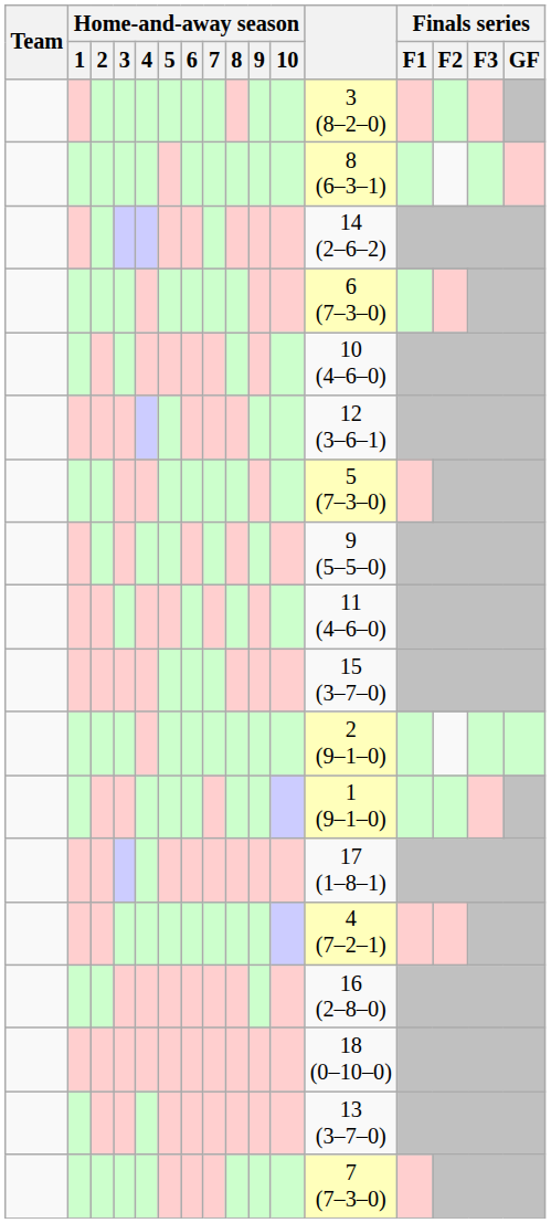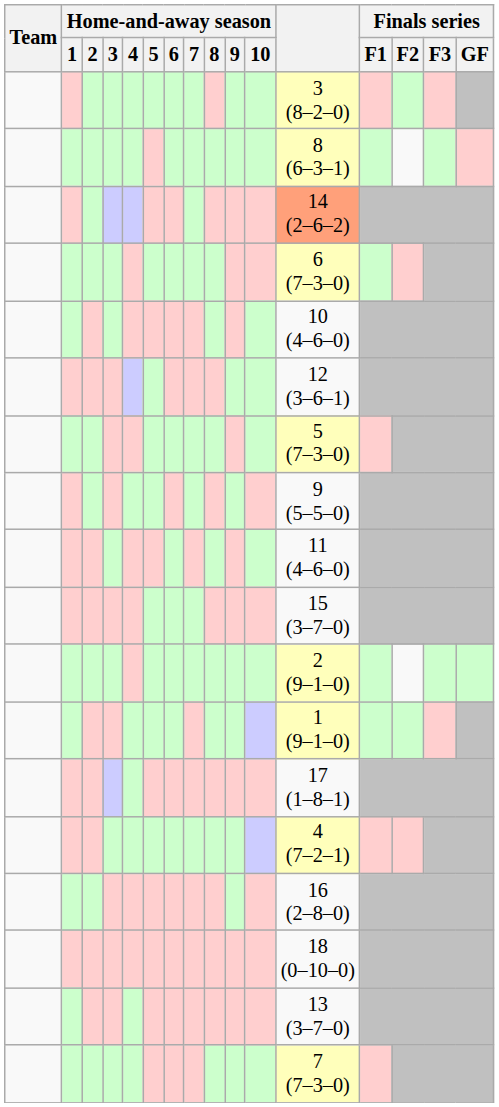 <table class="wikitable sortable" style="font-size:85%; text-align:center">
 <tr>
 <th rowspan=2>Team</th>
 <th colspan=10>Home-and-away season</th>
 <th rowspan=2></th>
 <th colspan=4>Finals series</th>
 </tr>
 <tr>
 <th>1</th>
 <th>2</th>
 <th>3</th>
 <th>4</th>
 <th>5</th>
 <th>6</th>
 <th>7</th>
 <th>8</th>
 <th>9</th>
 <th>10</th>
 <th>F1</th>
 <th>F2</th>
 <th>F3</th>
 <th>GF</th>
 </tr>
 <tr>
 <td align=left></td>
 <td bgcolor=FFCFCF><strong></strong></td>
 <td bgcolor=CCFFCC></td>
 <td bgcolor=CCFFCC><strong></strong></td>
 <td bgcolor=CCFFCC></td>
 <td bgcolor=CCFFCC><strong></strong></td>
 <td bgcolor=CCFFCC></td>
 <td bgcolor=CCFFCC><strong></strong></td>
 <td bgcolor=FFCFCF></td>
 <td bgcolor=CCFFCC><strong></strong></td>
 <td bgcolor=CCFFCC></td>
 <td bgcolor=FFFFBB>3<br>(8–2–0)</td>
 <td bgcolor=FFCFCF></td>
 <td bgcolor=CCFFCC><strong></strong></td>
 <td bgcolor=FFCFCF></td>
 <td bgcolor=C0C0C0></td>
 </tr>
 <tr>
 <td align=left></td>
 <td bgcolor=CCFFCC><strong></strong></td>
 <td bgcolor=CCFFCC></td>
 <td bgcolor=CCFFCC><strong></strong></td>
 <td bgcolor=CCFFCC></td>
 <td bgcolor=FFCFCF></td>
 <td bgcolor=CCFFCC><strong></strong></td>
 <td bgcolor=CCFFCC></td>
 <td bgcolor=CCFFCC><strong></strong></td>
 <td bgcolor=CCFFCC></td>
 <td bgcolor=CCFFCC><strong></strong></td>
 <td bgcolor=FFFFBB>8<br>(6–3–1)</td>
 <td bgcolor=CCFFCC><strong></strong></td>
 <td></td>
 <td bgcolor=CCFFCC><strong></strong></td>
 <td bgcolor=FFCFCF><strong></strong></td>
 </tr>
 <tr>
 <td align=left></td>
 <td bgcolor=FFCFCF><strong></strong></td>
 <td bgcolor=CCFFCC></td>
 <td bgcolor=CCCCFF><strong></strong></td>
 <td bgcolor=CCCCFF></td>
 <td bgcolor=FFCFCF><strong></strong></td>
 <td bgcolor=FFCFCF></td>
 <td bgcolor=CCFFCC></td>
 <td bgcolor=FFCFCF><strong></strong></td>
 <td bgcolor=FFCFCF></td>
 <td bgcolor=FFCFCF><strong></strong></td>
-<td>14<br>(2–6–2)</td>
+<td style="background: lightsalmon;">14<br>(2–6–2)</td>
 <td colspan=4 bgcolor=C0C0C0></td>
 </tr>
 <tr>
 <td align=left></td>
 <td bgcolor=CCFFCC></td>
 <td bgcolor=CCFFCC><strong></strong></td>
 <td bgcolor=CCFFCC></td>
 <td bgcolor=FFCFCF><strong></strong></td>
 <td bgcolor=CCFFCC><strong></strong></td>
 <td bgcolor=CCFFCC></td>
 <td bgcolor=CCFFCC><strong></strong></td>
 <td bgcolor=CCFFCC></td>
 <td bgcolor=FFCFCF><strong></strong></td>
 <td bgcolor=FFCFCF></td>
 <td bgcolor=FFFFBB>6<br>(7–3–0)</td>
 <td bgcolor=CCFFCC><strong></strong></td>
 <td bgcolor=FFCFCF></td>
 <td colspan=2 bgcolor=C0C0C0></td>
 </tr>
 <tr>
 <td align=left></td>
 <td bgcolor=CCFFCC><strong></strong></td>
 <td bgcolor=FFCFCF><strong></strong></td>
 <td bgcolor=CCFFCC></td>
 <td bgcolor=FFCFCF><strong></strong></td>
 <td bgcolor=FFCFCF></td>
 <td bgcolor=FFCFCF></td>
 <td bgcolor=FFCFCF><strong></strong></td>
 <td bgcolor=CCFFCC><strong></strong></td>
 <td bgcolor=FFCFCF></td>
 <td bgcolor=CCFFCC></td>
 <td>10<br>(4–6–0)</td>
 <td colspan=4 bgcolor=C0C0C0></td>
 </tr>
 <tr>
 <td align=left></td>
 <td bgcolor=FFCFCF></td>
 <td bgcolor=FFCFCF><strong></strong></td>
 <td bgcolor=FFCFCF></td>
 <td bgcolor=CCCCFF><strong></strong></td>
 <td bgcolor=CCFFCC></td>
 <td bgcolor=FFCFCF><strong></strong></td>
 <td bgcolor=FFCFCF></td>
 <td bgcolor=FFCFCF><strong></strong></td>
 <td bgcolor=CCFFCC></td>
 <td bgcolor=CCFFCC><strong></strong></td>
 <td>12<br>(3–6–1)</td>
 <td colspan=4 bgcolor=C0C0C0></td>
 </tr>
 <tr>
 <td align=left></td>
 <td bgcolor=CCFFCC><strong></strong></td>
 <td bgcolor=CCFFCC></td>
 <td bgcolor=FFCFCF><strong></strong></td>
 <td bgcolor=FFCFCF></td>
 <td bgcolor=CCFFCC><strong></strong></td>
 <td bgcolor=CCFFCC></td>
 <td bgcolor=CCFFCC></td>
 <td bgcolor=CCFFCC><strong></strong></td>
 <td bgcolor=FFCFCF></td>
 <td bgcolor=CCFFCC><strong></strong></td>
 <td bgcolor=FFFFBB>5<br>(7–3–0)</td>
 <td bgcolor=FFCFCF><strong></strong></td>
 <td colspan=3 bgcolor=C0C0C0></td>
 </tr>
 <tr>
 <td align=left></td>
 <td bgcolor=FFCFCF></td>
 <td bgcolor=CCFFCC><strong></strong></td>
 <td bgcolor=FFCFCF></td>
 <td bgcolor=CCFFCC><strong></strong></td>
 <td bgcolor=CCFFCC><strong></strong></td>
 <td bgcolor=FFCFCF></td>
 <td bgcolor=CCFFCC></td>
 <td bgcolor=FFCFCF><strong></strong></td>
 <td bgcolor=CCFFCC><strong></strong></td>
 <td bgcolor=FFCFCF></td>
 <td>9<br>(5–5–0)</td>
 <td colspan=4 bgcolor=C0C0C0></td>
 </tr>
 <tr>
 <td align=left></td>
 <td bgcolor=FFCFCF></td>
 <td bgcolor=FFCFCF><strong></strong></td>
 <td bgcolor=CCFFCC></td>
 <td bgcolor=FFCFCF><strong></strong></td>
 <td bgcolor=FFCFCF></td>
 <td bgcolor=CCFFCC><strong></strong></td>
 <td bgcolor=FFCFCF></td>
 <td bgcolor=CCFFCC><strong></strong></td>
 <td bgcolor=FFCFCF></td>
 <td bgcolor=CCFFCC><strong></strong></td>
 <td>11<br>(4–6–0)</td>
 <td colspan=4 bgcolor=C0C0C0></td>
 </tr>
 <tr>
 <td align=left></td>
 <td bgcolor=FFCFCF></td>
 <td bgcolor=FFCFCF><strong></strong></td>
 <td bgcolor=FFCFCF></td>
 <td bgcolor=FFCFCF><strong></strong></td>
 <td bgcolor=CCFFCC></td>
 <td bgcolor=CCFFCC><strong></strong></td>
 <td bgcolor=CCFFCC><strong></strong></td>
 <td bgcolor=FFCFCF></td>
 <td bgcolor=FFCFCF><strong></strong></td>
 <td bgcolor=FFCFCF></td>
 <td>15<br>(3–7–0)</td>
 <td colspan=4 bgcolor=C0C0C0></td>
 </tr>
 <tr>
 <td align=left></td>
 <td bgcolor=CCFFCC></td>
 <td bgcolor=CCFFCC><strong></strong></td>
 <td bgcolor=CCFFCC></td>
 <td bgcolor=FFCFCF><strong></strong></td>
 <td bgcolor=CCFFCC></td>
 <td bgcolor=CCFFCC></td>
 <td bgcolor=CCFFCC><strong></strong></td>
 <td bgcolor=CCFFCC></td>
 <td bgcolor=CCFFCC><strong></strong></td>
 <td bgcolor=CCFFCC><strong></strong></td>
 <td bgcolor=FFFFBB>2<br>(9–1–0)</td>
 <td bgcolor=CCFFCC><strong></strong></td>
 <td></td>
 <td bgcolor=CCFFCC><strong></strong></td>
 <td bgcolor=CCFFCC></td>
 </tr>
 <tr>
 <td align=left></td>
 <td bgcolor=CCFFCC><strong></strong></td>
 <td bgcolor=FFCFCF></td>
 <td bgcolor=FFCFCF></td>
 <td bgcolor=CCFFCC><strong></strong></td>
 <td bgcolor=CCFFCC></td>
 <td bgcolor=CCFFCC><strong></strong></td>
 <td bgcolor=FFCFCF><strong></strong></td>
 <td bgcolor=CCFFCC></td>
 <td bgcolor=CCFFCC></td>
 <td bgcolor=CCCCFF><strong></strong></td>
 <td bgcolor=FFFFBB>1<br>(9–1–0)</td>
 <td bgcolor=CCFFCC></td>
 <td bgcolor=CCFFCC></td>
 <td bgcolor=FFCFCF></td>
 <td bgcolor=C0C0C0></td>
 </tr>
 <tr>
 <td align=left></td>
 <td bgcolor=FFCFCF></td>
 <td bgcolor=FFCFCF><strong></strong></td>
 <td bgcolor=CCCCFF></td>
 <td bgcolor=CCFFCC><strong></strong></td>
 <td bgcolor=FFCFCF></td>
 <td bgcolor=FFCFCF><strong></strong></td>
 <td bgcolor=FFCFCF></td>
 <td bgcolor=FFCFCF><strong></strong></td>
 <td bgcolor=FFCFCF></td>
 <td bgcolor=FFCFCF><strong></strong></td>
 <td>17<br>(1–8–1)</td>
 <td colspan=4 bgcolor=C0C0C0></td>
 </tr>
 <tr>
 <td align=left></td>
 <td bgcolor=FFCFCF></td>
 <td bgcolor=FFCFCF><strong></strong></td>
 <td bgcolor=CCFFCC><strong></strong></td>
 <td bgcolor=CCFFCC></td>
 <td bgcolor=CCFFCC><strong></strong></td>
 <td bgcolor=CCFFCC><strong></strong></td>
 <td bgcolor=CCFFCC></td>
 <td bgcolor=CCFFCC></td>
 <td bgcolor=CCFFCC><strong></strong></td>
 <td bgcolor=CCCCFF></td>
 <td bgcolor=FFFFBB>4<br>(7–2–1)</td>
 <td bgcolor=FFCFCF></td>
 <td bgcolor=FFCFCF><strong></strong></td>
 <td colspan=2 bgcolor=C0C0C0></td>
 </tr>
 <tr>
 <td align=left></td>
 <td bgcolor=CCFFCC></td>
 <td bgcolor=CCFFCC></td>
 <td bgcolor=FFCFCF><strong></strong></td>
 <td bgcolor=FFCFCF></td>
 <td bgcolor=FFCFCF></td>
 <td bgcolor=FFCFCF><strong></strong></td>
 <td bgcolor=FFCFCF><strong></strong></td>
 <td bgcolor=FFCFCF></td>
 <td bgcolor=CCFFCC><strong></strong></td>
 <td bgcolor=FFCFCF><strong></strong></td>
 <td>16<br>(2–8–0)</td>
 <td colspan=4 bgcolor=C0C0C0></td>
 </tr>
 <tr>
 <td align=left></td>
 <td bgcolor=FFCFCF><strong></strong></td>
 <td bgcolor=FFCFCF></td>
 <td bgcolor=FFCFCF><strong></strong></td>
 <td bgcolor=FFCFCF></td>
 <td bgcolor=FFCFCF><strong></strong></td>
 <td bgcolor=FFCFCF></td>
 <td bgcolor=FFCFCF><strong></strong></td>
 <td bgcolor=FFCFCF></td>
 <td bgcolor=FFCFCF><strong></strong></td>
 <td bgcolor=FFCFCF></td>
 <td>18<br>(0–10–0)</td>
 <td colspan=4 bgcolor=C0C0C0></td>
 </tr>
 <tr>
 <td align=left></td>
 <td bgcolor=CCFFCC><strong></strong></td>
 <td bgcolor=FFCFCF></td>
 <td bgcolor=FFCFCF><strong></strong></td>
 <td bgcolor=CCFFCC></td>
 <td bgcolor=FFCFCF><strong></strong></td>
 <td bgcolor=FFCFCF></td>
 <td bgcolor=FFCFCF><strong></strong></td>
 <td bgcolor=FFCFCF></td>
 <td bgcolor=FFCFCF><strong></strong></td>
 <td bgcolor=FFCFCF></td>
 <td>13<br>(3–7–0)</td>
 <td colspan=4 bgcolor=C0C0C0></td>
 </tr>
 <tr>
 <td align=left></td>
 <td bgcolor=CCFFCC><strong></strong></td>
 <td bgcolor=CCFFCC></td>
 <td bgcolor=CCFFCC><strong></strong></td>
 <td bgcolor=CCFFCC></td>
 <td bgcolor=FFCFCF><strong></strong></td>
 <td bgcolor=FFCFCF><strong></strong></td>
 <td bgcolor=FFCFCF></td>
 <td bgcolor=CCFFCC><strong></strong></td>
 <td bgcolor=CCFFCC></td>
 <td bgcolor=CCFFCC></td>
 <td bgcolor=FFFFBB>7<br>(7–3–0)</td>
 <td bgcolor=FFCFCF></td>
 <td colspan=3 bgcolor=C0C0C0></td>
 </tr>
 </table>
